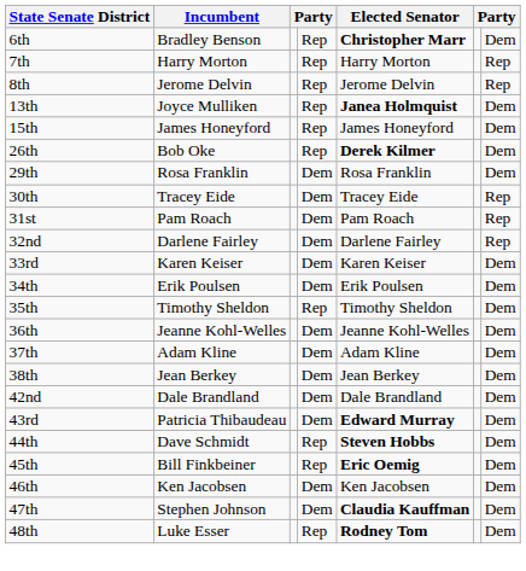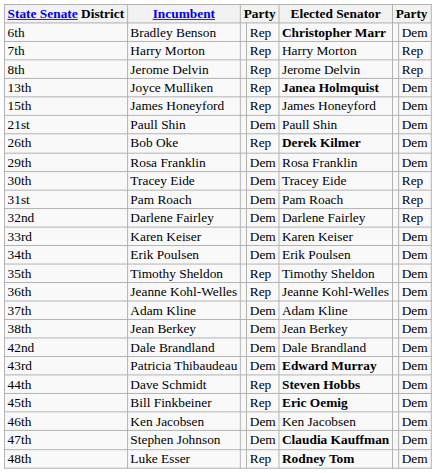 <table class="sortable wikitable" style="font-size:95%;line-height:14px;">
 <tr>
 <th colspan="1" class="unsortable"><a href='#'>State Senate</a> District</th>
 <th class="unsortable"><a href='#'>Incumbent</a></th>
 <th colspan="2">Party</th>
 <th class="unsortable">Elected Senator</th>
 <th colspan="2">Party</th>
 </tr>
 <tr>
 <td>6th</td>
 <td>Bradley Benson</td>
 <td style="background:"></td>
 <td>Rep</td>
 <td><strong>Christopher Marr</strong></td>
 <td style="background:"></td>
 <td>Dem</td>
 </tr>
 <tr>
 <td>7th</td>
 <td>Harry Morton</td>
 <td style="background:"></td>
 <td>Rep</td>
 <td>Harry Morton</td>
 <td style="background:"></td>
 <td>Rep</td>
 </tr>
 <tr>
 <td>8th</td>
 <td>Jerome Delvin</td>
 <td style="background:"></td>
 <td>Rep</td>
 <td>Jerome Delvin</td>
 <td style="background:"></td>
 <td>Rep</td>
 </tr>
 <tr>
 <td>13th</td>
 <td>Joyce Mulliken</td>
 <td style="background:"></td>
 <td>Rep</td>
 <td><strong>Janea Holmquist</strong></td>
 <td style="background:"></td>
 <td>Dem</td>
 </tr>
 <tr>
 <td>15th</td>
 <td>James Honeyford</td>
 <td style="background:"></td>
 <td>Rep</td>
 <td>James Honeyford</td>
+<td style="background:"></td>
+<td>Dem</td>
+</tr>
+<tr>
+<td>21st</td>
+<td>Paull Shin</td>
+<td style="background:"></td>
+<td>Dem</td>
+<td>Paull Shin</td>
 <td style="background:"></td>
 <td>Dem</td>
 </tr>
 <tr>
 <td>26th</td>
 <td>Bob Oke</td>
 <td style="background:"></td>
 <td>Rep</td>
 <td><strong>Derek Kilmer</strong></td>
 <td style="background:"></td>
 <td>Dem</td>
 </tr>
 <tr>
 <td>29th</td>
 <td>Rosa Franklin</td>
 <td style="background:"></td>
 <td>Dem</td>
 <td>Rosa Franklin</td>
 <td style="background:"></td>
 <td>Dem</td>
 </tr>
 <tr>
 <td>30th</td>
 <td>Tracey Eide</td>
 <td style="background:"></td>
 <td>Dem</td>
 <td>Tracey Eide</td>
 <td style="background:"></td>
 <td>Rep</td>
 </tr>
 <tr>
 <td>31st</td>
 <td>Pam Roach</td>
 <td style="background:"></td>
 <td>Dem</td>
 <td>Pam Roach</td>
 <td style="background:"></td>
 <td>Rep</td>
 </tr>
 <tr>
 <td>32nd</td>
 <td>Darlene Fairley</td>
 <td style="background:"></td>
 <td>Dem</td>
 <td>Darlene Fairley</td>
 <td style="background:"></td>
 <td>Rep</td>
 </tr>
 <tr>
 <td>33rd</td>
 <td>Karen Keiser</td>
 <td style="background:"></td>
 <td>Dem</td>
 <td>Karen Keiser</td>
 <td style="background:"></td>
 <td>Dem</td>
 </tr>
 <tr>
 <td>34th</td>
 <td>Erik Poulsen</td>
 <td style="background:"></td>
 <td>Dem</td>
 <td>Erik Poulsen</td>
 <td style="background:"></td>
 <td>Dem</td>
 </tr>
 <tr>
 <td>35th</td>
 <td>Timothy Sheldon</td>
 <td style="background:"></td>
 <td>Rep</td>
 <td>Timothy Sheldon</td>
 <td style="background:"></td>
 <td>Dem</td>
 </tr>
 <tr>
 <td>36th</td>
 <td>Jeanne Kohl-Welles</td>
 <td style="background:"></td>
-<td>Dem</td>
+<td>Rep</td>
 <td>Jeanne Kohl-Welles</td>
 <td style="background:"></td>
 <td>Dem</td>
 </tr>
 <tr>
 <td>37th</td>
 <td>Adam Kline</td>
 <td style="background:"></td>
 <td>Dem</td>
 <td>Adam Kline</td>
 <td style="background:"></td>
 <td>Dem</td>
 </tr>
 <tr>
 <td>38th</td>
 <td>Jean Berkey</td>
 <td style="background:"></td>
 <td>Dem</td>
 <td>Jean Berkey</td>
 <td style="background:"></td>
 <td>Dem</td>
 </tr>
 <tr>
 <td>42nd</td>
 <td>Dale Brandland</td>
 <td style="background:"></td>
 <td>Dem</td>
 <td>Dale Brandland</td>
 <td style="background:"></td>
 <td>Dem</td>
 </tr>
 <tr>
 <td>43rd</td>
 <td>Patricia Thibaudeau</td>
 <td style="background:"></td>
 <td>Dem</td>
 <td><strong>Edward Murray</strong></td>
 <td style="background:"></td>
 <td>Dem</td>
 </tr>
 <tr>
 <td>44th</td>
 <td>Dave Schmidt</td>
 <td style="background:"></td>
 <td>Rep</td>
 <td><strong>Steven Hobbs</strong></td>
 <td style="background:"></td>
 <td>Dem</td>
 </tr>
 <tr>
 <td>45th</td>
 <td>Bill Finkbeiner</td>
 <td style="background:"></td>
 <td>Rep</td>
 <td><strong>Eric Oemig</strong></td>
 <td style="background:"></td>
 <td>Dem</td>
 </tr>
 <tr>
 <td>46th</td>
 <td>Ken Jacobsen</td>
 <td style="background:"></td>
 <td>Dem</td>
 <td>Ken Jacobsen</td>
 <td style="background:"></td>
 <td>Dem</td>
 </tr>
 <tr>
 <td>47th</td>
 <td>Stephen Johnson</td>
 <td style="background:"></td>
 <td>Dem</td>
 <td><strong>Claudia Kauffman</strong></td>
 <td style="background:"></td>
 <td>Dem</td>
 </tr>
 <tr>
 <td>48th</td>
 <td>Luke Esser</td>
 <td style="background:"></td>
 <td>Rep</td>
 <td><strong>Rodney Tom</strong></td>
 <td style="background:"></td>
 <td>Dem</td>
 </tr>
 </table>
